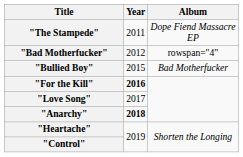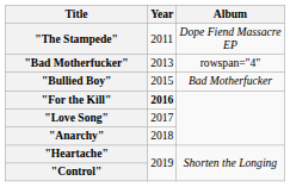 <table class="wikitable plainrowheaders" style="text-align:center;">
 <tr>
 <th scope="col" style="width:12em;">Title</th>
 <th scope="col" style="width:1em;">Year</th>
 <th scope="col" style="width:9em;">Album</th>
 </tr>
 <tr>
 <th scope="row">"The Stampede"</th>
 <td>2011</td>
 <td><em>Dope Fiend Massacre EP</em></td>
 </tr>
 <tr>
 <th scope="row">"Bad Motherfucker"</th>
-<td>2012</td>
+<td>2013</td>
 <td>rowspan="4" </td>
 </tr>
 <tr>
 <th scope="row">"Bullied Boy"</th>
 <td>2015</td>
 <td><em>Bad Motherfucker</em></td>
 </tr>
 <tr>
 <th scope="row">"For the Kill"</th>
 <td><strong>2016</strong></td>
 </tr>
 <tr>
 <th scope="row">"Love Song"</th>
 <td>2017</td>
 </tr>
 <tr>
 <th scope="row">"Anarchy"</th>
-<td><strong>2018</strong></td>
+<td>2018</td>
 </tr>
 <tr>
 <th scope="row">"Heartache"</th>
 <td rowspan="2">2019</td>
 <td rowspan="2"><em>Shorten the Longing</em></td>
 </tr>
 <tr>
 <th scope="row">"Control"</th>
 </tr>
 </table>
